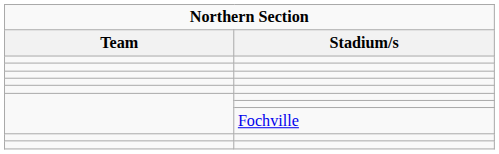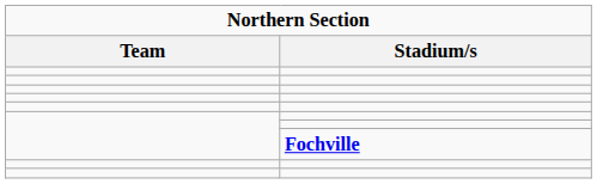 <table class="wikitable">
 <tr>
 <td colspan=3 align=center><strong>Northern Section</strong></td>
 </tr>
 <tr>
 <th width="220">Team</th>
 <th width="250">Stadium/s</th>
 </tr>
 <tr>
 <td></td>
 <td></td>
 </tr>
 <tr>
 <td></td>
 <td></td>
 </tr>
 <tr>
 <td></td>
 <td></td>
 </tr>
 <tr>
 <td></td>
 <td></td>
 </tr>
 <tr>
 <td></td>
 <td></td>
 </tr>
 <tr>
 <td rowspan=3></td>
 <td></td>
 </tr>
 <tr>
 <td></td>
 </tr>
 <tr>
-<td><a href='#'>Fochville</a></td>
+<td><strong><a href='#'>Fochville</a></strong></td>
 </tr>
 <tr>
 <td></td>
 <td></td>
 </tr>
 <tr>
 <td></td>
 <td></td>
 </tr>
 </table>
